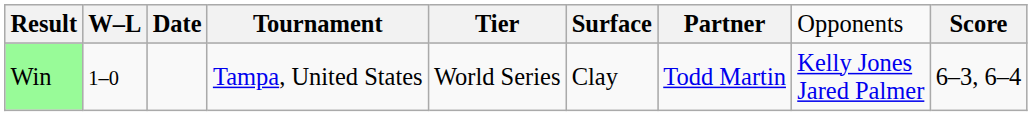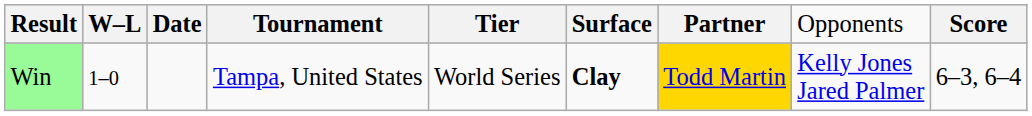 <table class="sortable wikitable">
 <tr>
 <th>Result</th>
 <th class=unsortable>W–L</th>
 <th>Date</th>
 <th>Tournament</th>
 <th>Tier</th>
 <th>Surface</th>
 <th>Partner</th>
 <td>Opponents</td>
 <th class=unsortable>Score</th>
 </tr>
 <tr>
 <td style="background:#98fb98;">Win</td>
 <td><small>1–0</small></td>
 <td></td>
 <td><a href='#'>Tampa</a>, United States</td>
 <td>World Series</td>
-<td>Clay</td>
-<td> <a href='#'>Todd Martin</a></td>
+<td><strong>Clay</strong></td>
+<td style="background: gold;"> <a href='#'>Todd Martin</a></td>
 <td> <a href='#'>Kelly Jones</a> <br>  <a href='#'>Jared Palmer</a></td>
 <td>6–3, 6–4</td>
 </tr>
 </table>
